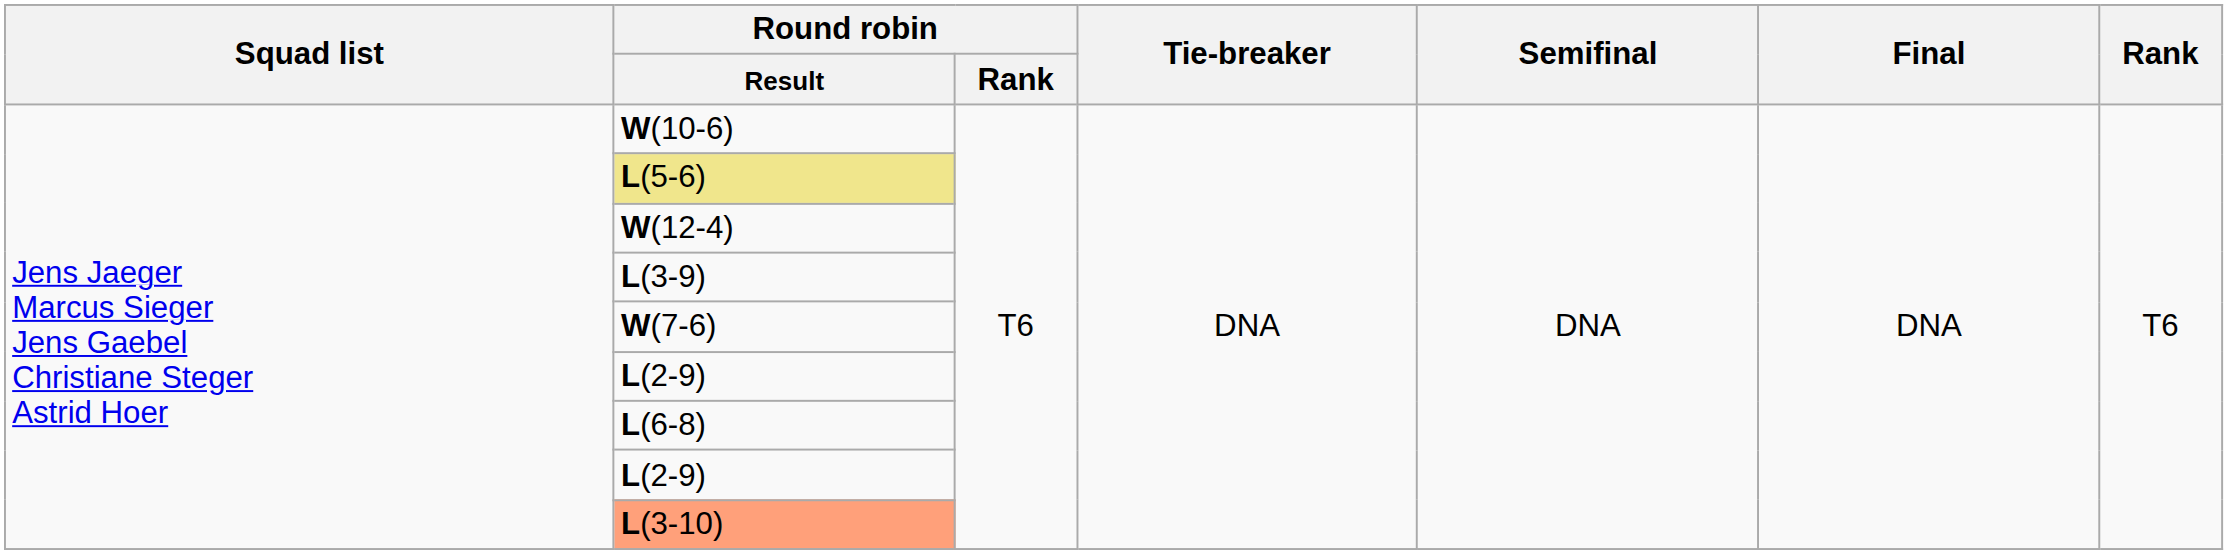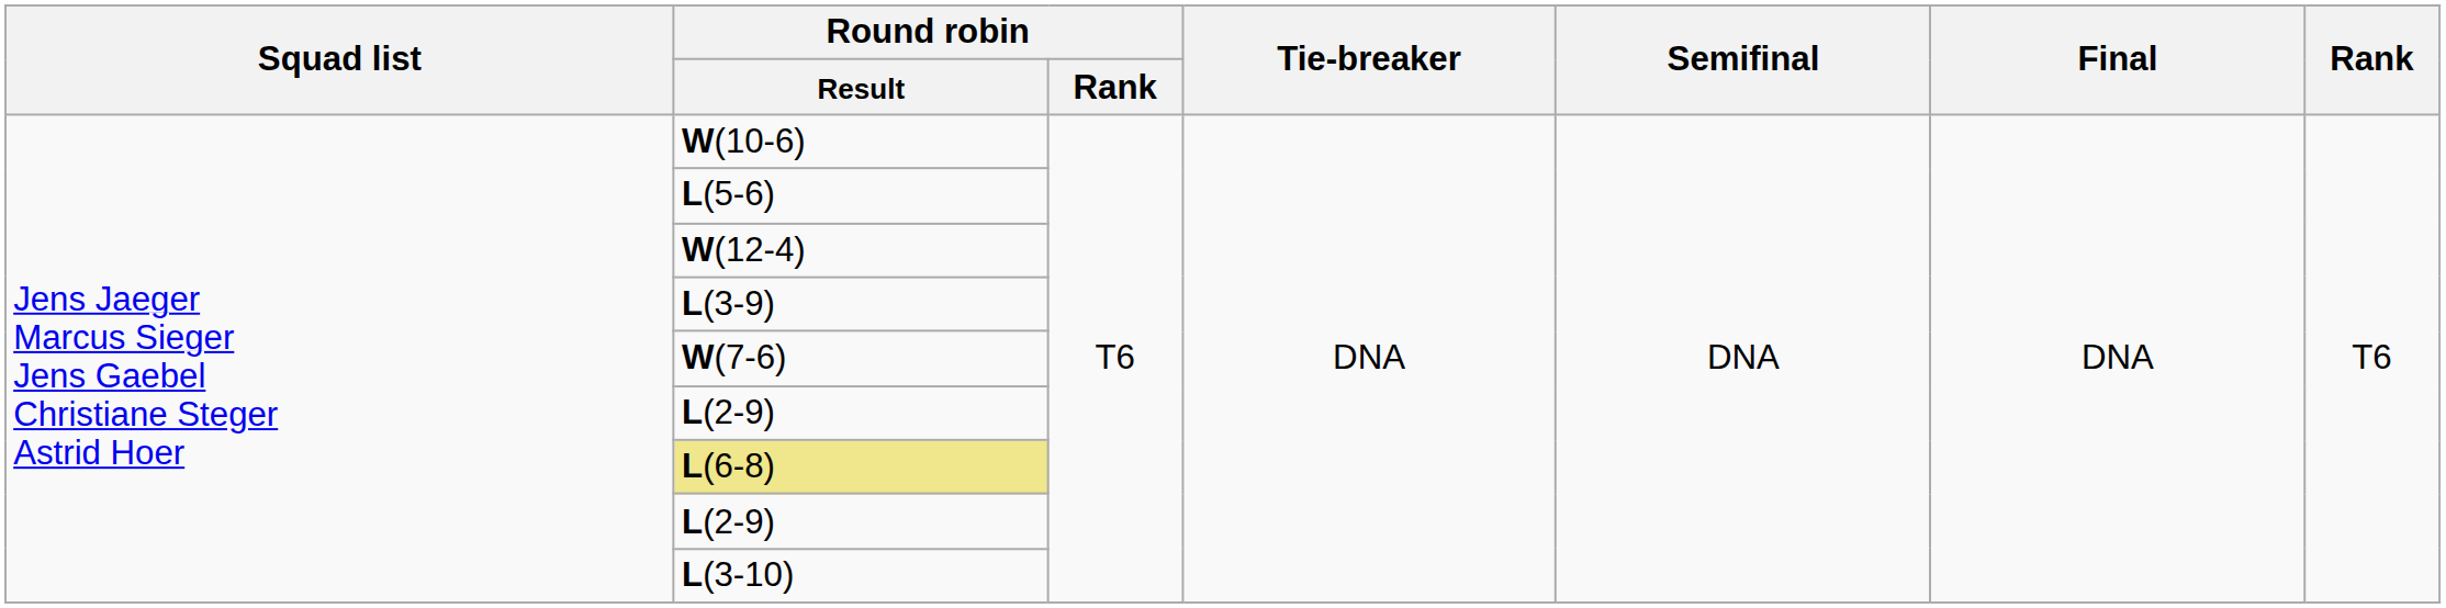 <table class="wikitable" width="90%" style="text-align:left; font-size:100%">
 <tr>
 <th rowspan="2" width="25%">Squad list</th>
 <th colspan="2">Round robin</th>
 <th rowspan="2" width="14%">Tie-breaker</th>
 <th rowspan="2" width="14%">Semifinal</th>
 <th rowspan="2" width="14%">Final</th>
 <th rowspan="2" width="5%">Rank</th>
 </tr>
 <tr>
 <th width="14%"><small>Result</small></th>
 <th width="5%">Rank</th>
 </tr>
 <tr>
 <td rowspan="9"><br><a href='#'>Jens Jaeger</a><br><a href='#'>Marcus Sieger</a><br><a href='#'>Jens Gaebel</a><br><a href='#'>Christiane Steger</a><br><a href='#'>Astrid Hoer</a></td>
 <td> <strong>W</strong>(10-6)</td>
 <td rowspan="9" align=center>T6</td>
 <td rowspan="9" align=center>DNA</td>
 <td rowspan="9" align=center>DNA</td>
 <td rowspan="9" align="center">DNA</td>
 <td rowspan="9" align="center">T6</td>
 </tr>
 <tr>
-<td style="background: khaki;"> <strong>L</strong>(5-6) <br></td>
+<td> <strong>L</strong>(5-6) <br></td>
 </tr>
 <tr>
 <td> <strong>W</strong>(12-4)<br></td>
 </tr>
 <tr>
 <td> <strong>L</strong>(3-9) <br></td>
 </tr>
 <tr>
 <td> <strong>W</strong>(7-6) <br></td>
 </tr>
 <tr>
 <td> <strong>L</strong>(2-9) <br></td>
 </tr>
 <tr>
-<td> <strong>L</strong>(6-8) <br></td>
+<td style="background: khaki;"> <strong>L</strong>(6-8) <br></td>
 </tr>
 <tr>
 <td> <strong>L</strong>(2-9) <br></td>
 </tr>
 <tr>
-<td style="background: lightsalmon;"> <strong>L</strong>(3-10) <br></td>
+<td> <strong>L</strong>(3-10) <br></td>
 </tr>
 </table>
